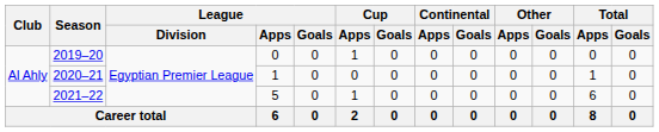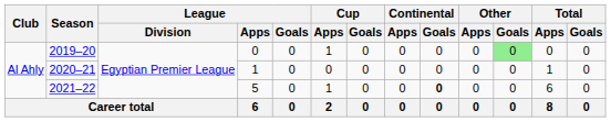 <table class="wikitable" style="text-align: center">
 <tr>
 <th rowspan="2">Club</th>
 <th rowspan="2">Season</th>
 <th colspan="3">League</th>
 <th colspan="2">Cup</th>
 <th colspan="2">Continental</th>
 <th colspan="2">Other</th>
 <th colspan="2">Total</th>
 </tr>
 <tr>
 <th>Division</th>
 <th>Apps</th>
 <th>Goals</th>
 <th>Apps</th>
 <th>Goals</th>
 <th>Apps</th>
 <th>Goals</th>
 <th>Apps</th>
 <th>Goals</th>
 <th>Apps</th>
 <th>Goals</th>
 </tr>
 <tr>
 <td rowspan="3"><a href='#'>Al Ahly</a></td>
 <td><a href='#'>2019–20</a></td>
 <td rowspan="3"><a href='#'>Egyptian Premier League</a></td>
 <td>0</td>
 <td>0</td>
 <td>1</td>
 <td>0</td>
 <td>0</td>
 <td>0</td>
 <td>0</td>
-<td>0</td>
+<td style="background: lightgreen;">0</td>
 <td>0</td>
 <td>0</td>
 </tr>
 <tr>
 <td><a href='#'>2020–21</a></td>
 <td>1</td>
 <td>0</td>
 <td>0</td>
 <td>0</td>
 <td>0</td>
 <td>0</td>
 <td>0</td>
 <td>0</td>
 <td>1</td>
 <td>0</td>
 </tr>
 <tr>
 <td><a href='#'>2021–22</a></td>
 <td>5</td>
 <td>0</td>
 <td>1</td>
 <td>0</td>
 <td>0</td>
-<td>0</td>
+<td><strong>0</strong></td>
 <td>0</td>
 <td>0</td>
 <td>6</td>
 <td>0</td>
 </tr>
 <tr>
 <th colspan=3>Career total</th>
 <th>6</th>
 <th>0</th>
 <th>2</th>
 <th>0</th>
 <th>0</th>
 <th>0</th>
 <th>0</th>
 <th>0</th>
 <th>8</th>
 <th>0</th>
 </tr>
 </table>
